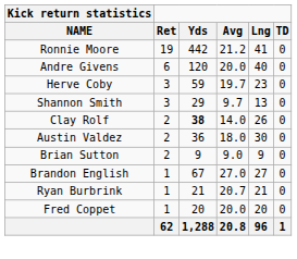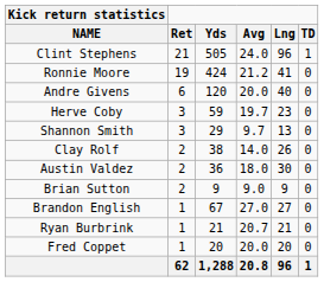 <table class="wikitable" style="text-align:center;">
 <tr>
 <th style="text-align:center; ">Kick return statistics</th>
 </tr>
 <tr>
 <th>NAME</th>
 <th>Ret</th>
 <th>Yds</th>
 <th>Avg</th>
 <th>Lng</th>
 <th>TD</th>
 </tr>
 <tr>
+<td>Clint Stephens</td>
+<td>21</td>
+<td>505</td>
+<td>24.0</td>
+<td>96</td>
+<td>1</td>
+</tr>
+<tr>
 <td>Ronnie Moore</td>
 <td>19</td>
-<td>442</td>
+<td>424</td>
 <td>21.2</td>
 <td>41</td>
 <td>0</td>
 </tr>
 <tr>
 <td>Andre Givens</td>
 <td>6</td>
 <td>120</td>
 <td>20.0</td>
 <td>40</td>
 <td>0</td>
 </tr>
 <tr>
 <td>Herve Coby</td>
 <td>3</td>
 <td>59</td>
 <td>19.7</td>
 <td>23</td>
 <td>0</td>
 </tr>
 <tr>
 <td>Shannon Smith</td>
 <td>3</td>
 <td>29</td>
 <td>9.7</td>
 <td>13</td>
 <td>0</td>
 </tr>
 <tr>
 <td>Clay Rolf</td>
 <td>2</td>
-<td><strong>38</strong></td>
+<td>38</td>
 <td>14.0</td>
 <td>26</td>
 <td>0</td>
 </tr>
 <tr>
 <td>Austin Valdez</td>
 <td>2</td>
 <td>36</td>
 <td>18.0</td>
 <td>30</td>
 <td>0</td>
 </tr>
 <tr>
 <td>Brian Sutton</td>
 <td>2</td>
 <td>9</td>
 <td>9.0</td>
 <td>9</td>
 <td>0</td>
 </tr>
 <tr>
 <td>Brandon English</td>
 <td>1</td>
 <td>67</td>
 <td>27.0</td>
 <td>27</td>
 <td>0</td>
 </tr>
 <tr>
 <td>Ryan Burbrink</td>
 <td>1</td>
 <td>21</td>
 <td>20.7</td>
 <td>21</td>
 <td>0</td>
 </tr>
 <tr>
 <td>Fred Coppet</td>
 <td>1</td>
 <td>20</td>
 <td>20.0</td>
 <td>20</td>
 <td>0</td>
 </tr>
 <tr>
 <th colspan="1"></th>
 <th>62</th>
 <th>1,288</th>
 <th>20.8</th>
 <th>96</th>
 <th>1</th>
 </tr>
 </table>
